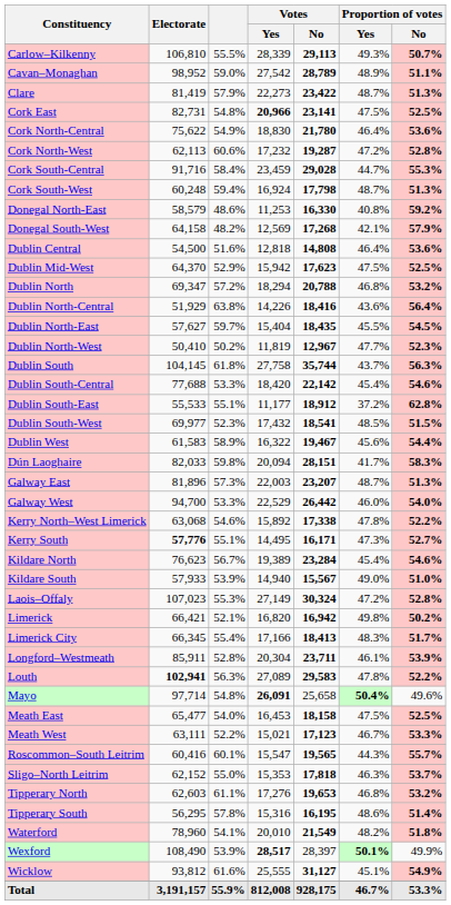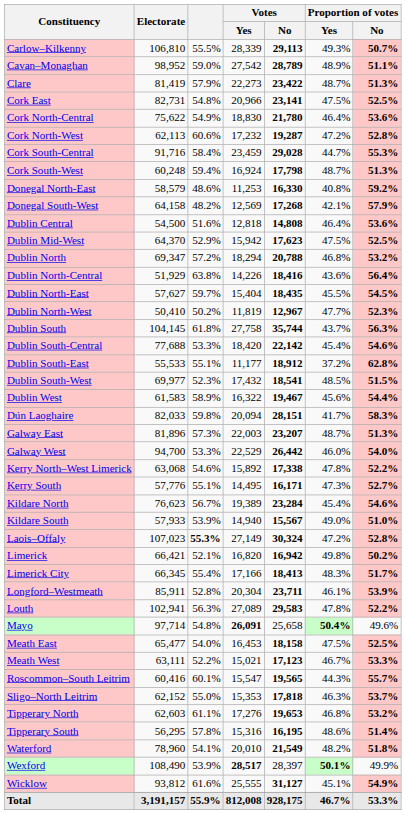 <table class="wikitable sortable">
 <tr>
 <th rowspan=2>Constituency</th>
 <th rowspan=2>Electorate</th>
 <th rowspan=2></th>
 <th colspan=2>Votes</th>
 <th colspan=2>Proportion of votes</th>
 </tr>
 <tr>
 <th>Yes</th>
 <th>No</th>
 <th>Yes</th>
 <th>No</th>
 </tr>
 <tr>
 <td style="background:#ffc8c8;"><a href='#'>Carlow–Kilkenny</a></td>
 <td style="text-align: right;">106,810</td>
 <td style="text-align: right;">55.5%</td>
 <td style="text-align: right;">28,339</td>
 <td style="text-align: right;"><strong>29,113</strong></td>
 <td style="text-align: right;">49.3%</td>
 <td style="text-align: right; background:#ffc8c8;"><strong>50.7%</strong></td>
 </tr>
 <tr>
 <td style="background:#ffc8c8;"><a href='#'>Cavan–Monaghan</a></td>
 <td style="text-align: right;">98,952</td>
 <td style="text-align: right;">59.0%</td>
 <td style="text-align: right;">27,542</td>
 <td style="text-align: right;"><strong>28,789</strong></td>
 <td style="text-align: right;">48.9%</td>
 <td style="text-align: right; background:#ffc8c8;"><strong>51.1%</strong></td>
 </tr>
 <tr>
 <td style="background:#ffc8c8;"><a href='#'>Clare</a></td>
 <td style="text-align: right;">81,419</td>
 <td style="text-align: right;">57.9%</td>
 <td style="text-align: right;">22,273</td>
 <td style="text-align: right;"><strong>23,422</strong></td>
 <td style="text-align: right;">48.7%</td>
 <td style="text-align: right; background:#ffc8c8;"><strong>51.3%</strong></td>
 </tr>
 <tr>
 <td style="background:#ffc8c8;"><a href='#'>Cork East</a></td>
 <td style="text-align: right;">82,731</td>
 <td style="text-align: right;">54.8%</td>
-<td style="text-align: right;"><strong>20,966</strong></td>
+<td style="text-align: right;">20,966</td>
 <td style="text-align: right;"><strong>23,141</strong></td>
 <td style="text-align: right;">47.5%</td>
 <td style="text-align: right; background:#ffc8c8;"><strong>52.5%</strong></td>
 </tr>
 <tr>
 <td style="background:#ffc8c8;"><a href='#'>Cork North-Central</a></td>
 <td style="text-align: right;">75,622</td>
 <td style="text-align: right;">54.9%</td>
 <td style="text-align: right;">18,830</td>
 <td style="text-align: right;"><strong>21,780</strong></td>
 <td style="text-align: right;">46.4%</td>
 <td style="text-align: right; background:#ffc8c8;"><strong>53.6%</strong></td>
 </tr>
 <tr>
 <td style="background:#ffc8c8;"><a href='#'>Cork North-West</a></td>
 <td style="text-align: right;">62,113</td>
 <td style="text-align: right;">60.6%</td>
 <td style="text-align: right;">17,232</td>
 <td style="text-align: right;"><strong>19,287</strong></td>
 <td style="text-align: right;">47.2%</td>
 <td style="text-align: right; background:#ffc8c8;"><strong>52.8%</strong></td>
 </tr>
 <tr>
 <td style="background:#ffc8c8;"><a href='#'>Cork South-Central</a></td>
 <td style="text-align: right;">91,716</td>
 <td style="text-align: right;">58.4%</td>
 <td style="text-align: right;">23,459</td>
 <td style="text-align: right;"><strong>29,028</strong></td>
 <td style="text-align: right;">44.7%</td>
 <td style="text-align: right; background:#ffc8c8;"><strong>55.3%</strong></td>
 </tr>
 <tr>
 <td style="background:#ffc8c8;"><a href='#'>Cork South-West</a></td>
 <td style="text-align: right;">60,248</td>
 <td style="text-align: right;">59.4%</td>
 <td style="text-align: right;">16,924</td>
 <td style="text-align: right;"><strong>17,798</strong></td>
 <td style="text-align: right;">48.7%</td>
 <td style="text-align: right; background:#ffc8c8;"><strong>51.3%</strong></td>
 </tr>
 <tr>
 <td style="background:#ffc8c8;"><a href='#'>Donegal North-East</a></td>
 <td style="text-align: right;">58,579</td>
 <td style="text-align: right;">48.6%</td>
 <td style="text-align: right;">11,253</td>
 <td style="text-align: right;"><strong>16,330</strong></td>
 <td style="text-align: right;">40.8%</td>
 <td style="text-align: right; background:#ffc8c8;"><strong>59.2%</strong></td>
 </tr>
 <tr>
 <td style="background:#ffc8c8;"><a href='#'>Donegal South-West</a></td>
 <td style="text-align: right;">64,158</td>
 <td style="text-align: right;">48.2%</td>
 <td style="text-align: right;">12,569</td>
 <td style="text-align: right;"><strong>17,268</strong></td>
 <td style="text-align: right;">42.1%</td>
 <td style="text-align: right; background:#ffc8c8;"><strong>57.9%</strong></td>
 </tr>
 <tr>
 <td style="background:#ffc8c8;"><a href='#'>Dublin Central</a></td>
 <td style="text-align: right;">54,500</td>
 <td style="text-align: right;">51.6%</td>
 <td style="text-align: right;">12,818</td>
 <td style="text-align: right;"><strong>14,808</strong></td>
 <td style="text-align: right;">46.4%</td>
 <td style="text-align: right; background:#ffc8c8;"><strong>53.6%</strong></td>
 </tr>
 <tr>
 <td style="background:#ffc8c8;"><a href='#'>Dublin Mid-West</a></td>
 <td style="text-align: right;">64,370</td>
 <td style="text-align: right;">52.9%</td>
 <td style="text-align: right;">15,942</td>
 <td style="text-align: right;"><strong>17,623</strong></td>
 <td style="text-align: right;">47.5%</td>
 <td style="text-align: right; background:#ffc8c8;"><strong>52.5%</strong></td>
 </tr>
 <tr>
 <td style="background:#ffc8c8;"><a href='#'>Dublin North</a></td>
 <td style="text-align: right;">69,347</td>
 <td style="text-align: right;">57.2%</td>
 <td style="text-align: right;">18,294</td>
 <td style="text-align: right;"><strong>20,788</strong></td>
 <td style="text-align: right;">46.8%</td>
 <td style="text-align: right; background:#ffc8c8;"><strong>53.2%</strong></td>
 </tr>
 <tr>
 <td style="background:#ffc8c8;"><a href='#'>Dublin North-Central</a></td>
 <td style="text-align: right;">51,929</td>
 <td style="text-align: right;">63.8%</td>
 <td style="text-align: right;">14,226</td>
 <td style="text-align: right;"><strong>18,416</strong></td>
 <td style="text-align: right;">43.6%</td>
 <td style="text-align: right; background:#ffc8c8;"><strong>56.4%</strong></td>
 </tr>
 <tr>
 <td style="background:#ffc8c8;"><a href='#'>Dublin North-East</a></td>
 <td style="text-align: right;">57,627</td>
 <td style="text-align: right;">59.7%</td>
 <td style="text-align: right;">15,404</td>
 <td style="text-align: right;"><strong>18,435</strong></td>
 <td style="text-align: right;">45.5%</td>
 <td style="text-align: right; background:#ffc8c8;"><strong>54.5%</strong></td>
 </tr>
 <tr>
 <td style="background:#ffc8c8;"><a href='#'>Dublin North-West</a></td>
 <td style="text-align: right;">50,410</td>
 <td style="text-align: right;">50.2%</td>
 <td style="text-align: right;">11,819</td>
 <td style="text-align: right;"><strong>12,967</strong></td>
 <td style="text-align: right;">47.7%</td>
 <td style="text-align: right; background:#ffc8c8;"><strong>52.3%</strong></td>
 </tr>
 <tr>
 <td style="background:#ffc8c8;"><a href='#'>Dublin South</a></td>
 <td style="text-align: right;">104,145</td>
 <td style="text-align: right;">61.8%</td>
 <td style="text-align: right;">27,758</td>
 <td style="text-align: right;"><strong>35,744</strong></td>
 <td style="text-align: right;">43.7%</td>
 <td style="text-align: right; background:#ffc8c8;"><strong>56.3%</strong></td>
 </tr>
 <tr>
 <td style="background:#ffc8c8;"><a href='#'>Dublin South-Central</a></td>
 <td style="text-align: right;">77,688</td>
 <td style="text-align: right;">53.3%</td>
 <td style="text-align: right;">18,420</td>
 <td style="text-align: right;"><strong>22,142</strong></td>
 <td style="text-align: right;">45.4%</td>
 <td style="text-align: right; background:#ffc8c8;"><strong>54.6%</strong></td>
 </tr>
 <tr>
 <td style="background:#ffc8c8;"><a href='#'>Dublin South-East</a></td>
 <td style="text-align: right;">55,533</td>
 <td style="text-align: right;">55.1%</td>
 <td style="text-align: right;">11,177</td>
 <td style="text-align: right;"><strong>18,912</strong></td>
 <td style="text-align: right;">37.2%</td>
 <td style="text-align: right; background:#ffc8c8;"><strong>62.8%</strong></td>
 </tr>
 <tr>
 <td style="background:#ffc8c8;"><a href='#'>Dublin South-West</a></td>
 <td style="text-align: right;">69,977</td>
 <td style="text-align: right;">52.3%</td>
 <td style="text-align: right;">17,432</td>
 <td style="text-align: right;"><strong>18,541</strong></td>
 <td style="text-align: right;">48.5%</td>
 <td style="text-align: right; background:#ffc8c8;"><strong>51.5%</strong></td>
 </tr>
 <tr>
 <td style="background:#ffc8c8;"><a href='#'>Dublin West</a></td>
 <td style="text-align: right;">61,583</td>
 <td style="text-align: right;">58.9%</td>
 <td style="text-align: right;">16,322</td>
 <td style="text-align: right;"><strong>19,467</strong></td>
 <td style="text-align: right;">45.6%</td>
 <td style="text-align: right; background:#ffc8c8;"><strong>54.4%</strong></td>
 </tr>
 <tr>
 <td style="background:#ffc8c8;"><a href='#'>Dún Laoghaire</a></td>
 <td style="text-align: right;">82,033</td>
 <td style="text-align: right;">59.8%</td>
 <td style="text-align: right;">20,094</td>
 <td style="text-align: right;"><strong>28,151</strong></td>
 <td style="text-align: right;">41.7%</td>
 <td style="text-align: right; background:#ffc8c8;"><strong>58.3%</strong></td>
 </tr>
 <tr>
 <td style="background:#ffc8c8;"><a href='#'>Galway East</a></td>
 <td style="text-align: right;">81,896</td>
 <td style="text-align: right;">57.3%</td>
 <td style="text-align: right;">22,003</td>
 <td style="text-align: right;"><strong>23,207</strong></td>
 <td style="text-align: right;">48.7%</td>
 <td style="text-align: right; background:#ffc8c8;"><strong>51.3%</strong></td>
 </tr>
 <tr>
 <td style="background:#ffc8c8;"><a href='#'>Galway West</a></td>
 <td style="text-align: right;">94,700</td>
 <td style="text-align: right;">53.3%</td>
 <td style="text-align: right;">22,529</td>
 <td style="text-align: right;"><strong>26,442</strong></td>
 <td style="text-align: right;">46.0%</td>
 <td style="text-align: right; background:#ffc8c8;"><strong>54.0%</strong></td>
 </tr>
 <tr>
 <td style="background:#ffc8c8;"><a href='#'>Kerry North–West Limerick</a></td>
 <td style="text-align: right;">63,068</td>
 <td style="text-align: right;">54.6%</td>
 <td style="text-align: right;">15,892</td>
 <td style="text-align: right;"><strong>17,338</strong></td>
 <td style="text-align: right;">47.8%</td>
 <td style="text-align: right; background:#ffc8c8;"><strong>52.2%</strong></td>
 </tr>
 <tr>
 <td style="background:#ffc8c8;"><a href='#'>Kerry South</a></td>
-<td style="text-align: right;"><strong>57,776</strong></td>
+<td style="text-align: right;">57,776</td>
 <td style="text-align: right;">55.1%</td>
 <td style="text-align: right;">14,495</td>
 <td style="text-align: right;"><strong>16,171</strong></td>
 <td style="text-align: right;">47.3%</td>
 <td style="text-align: right; background:#ffc8c8;"><strong>52.7%</strong></td>
 </tr>
 <tr>
 <td style="background:#ffc8c8;"><a href='#'>Kildare North</a></td>
 <td style="text-align: right;">76,623</td>
 <td style="text-align: right;">56.7%</td>
 <td style="text-align: right;">19,389</td>
 <td style="text-align: right;"><strong>23,284</strong></td>
 <td style="text-align: right;">45.4%</td>
 <td style="text-align: right; background:#ffc8c8;"><strong>54.6%</strong></td>
 </tr>
 <tr>
 <td style="background:#ffc8c8;"><a href='#'>Kildare South</a></td>
 <td style="text-align: right;">57,933</td>
 <td style="text-align: right;">53.9%</td>
 <td style="text-align: right;">14,940</td>
 <td style="text-align: right;"><strong>15,567</strong></td>
 <td style="text-align: right;">49.0%</td>
 <td style="text-align: right; background:#ffc8c8;"><strong>51.0%</strong></td>
 </tr>
 <tr>
 <td style="background:#ffc8c8;"><a href='#'>Laois–Offaly</a></td>
 <td style="text-align: right;">107,023</td>
-<td style="text-align: right;">55.3%</td>
+<td style="text-align: right;"><strong>55.3%</strong></td>
 <td style="text-align: right;">27,149</td>
 <td style="text-align: right;"><strong>30,324</strong></td>
 <td style="text-align: right;">47.2%</td>
 <td style="text-align: right; background:#ffc8c8;"><strong>52.8%</strong></td>
 </tr>
 <tr>
 <td style="background:#ffc8c8;"><a href='#'>Limerick</a></td>
 <td style="text-align: right;">66,421</td>
 <td style="text-align: right;">52.1%</td>
 <td style="text-align: right;">16,820</td>
 <td style="text-align: right;"><strong>16,942</strong></td>
 <td style="text-align: right;">49.8%</td>
 <td style="text-align: right; background:#ffc8c8;"><strong>50.2%</strong></td>
 </tr>
 <tr>
 <td style="background:#ffc8c8;"><a href='#'>Limerick City</a></td>
 <td style="text-align: right;">66,345</td>
 <td style="text-align: right;">55.4%</td>
 <td style="text-align: right;">17,166</td>
 <td style="text-align: right;"><strong>18,413</strong></td>
 <td style="text-align: right;">48.3%</td>
 <td style="text-align: right; background:#ffc8c8;"><strong>51.7%</strong></td>
 </tr>
 <tr>
 <td style="background:#ffc8c8;"><a href='#'>Longford–Westmeath</a></td>
 <td style="text-align: right;">85,911</td>
 <td style="text-align: right;">52.8%</td>
 <td style="text-align: right;">20,304</td>
 <td style="text-align: right;"><strong>23,711</strong></td>
 <td style="text-align: right;">46.1%</td>
 <td style="text-align: right; background:#ffc8c8;"><strong>53.9%</strong></td>
 </tr>
 <tr>
 <td style="background:#ffc8c8;"><a href='#'>Louth</a></td>
-<td style="text-align: right;"><strong>102,941</strong></td>
+<td style="text-align: right;">102,941</td>
 <td style="text-align: right;">56.3%</td>
 <td style="text-align: right;">27,089</td>
 <td style="text-align: right;"><strong>29,583</strong></td>
 <td style="text-align: right;">47.8%</td>
 <td style="text-align: right; background:#ffc8c8;"><strong>52.2%</strong></td>
 </tr>
 <tr>
 <td style="background:#c8ffc8;"><a href='#'>Mayo</a></td>
 <td style="text-align: right;">97,714</td>
 <td style="text-align: right;">54.8%</td>
 <td style="text-align: right;"><strong>26,091</strong></td>
 <td style="text-align: right;">25,658</td>
 <td style="text-align: right; background:#c8ffc8;"><strong>50.4%</strong></td>
 <td style="text-align: right;">49.6%</td>
 </tr>
 <tr>
 <td style="background:#ffc8c8;"><a href='#'>Meath East</a></td>
 <td style="text-align: right;">65,477</td>
 <td style="text-align: right;">54.0%</td>
 <td style="text-align: right;">16,453</td>
 <td style="text-align: right;"><strong>18,158</strong></td>
 <td style="text-align: right;">47.5%</td>
 <td style="text-align: right; background:#ffc8c8;"><strong>52.5%</strong></td>
 </tr>
 <tr>
 <td style="background:#ffc8c8;"><a href='#'>Meath West</a></td>
 <td style="text-align: right;">63,111</td>
 <td style="text-align: right;">52.2%</td>
 <td style="text-align: right;">15,021</td>
 <td style="text-align: right;"><strong>17,123</strong></td>
 <td style="text-align: right;">46.7%</td>
 <td style="text-align: right; background:#ffc8c8;"><strong>53.3%</strong></td>
 </tr>
 <tr>
 <td style="background:#ffc8c8;"><a href='#'>Roscommon–South Leitrim</a></td>
 <td style="text-align: right;">60,416</td>
 <td style="text-align: right;">60.1%</td>
 <td style="text-align: right;">15,547</td>
 <td style="text-align: right;"><strong>19,565</strong></td>
 <td style="text-align: right;">44.3%</td>
 <td style="text-align: right; background:#ffc8c8;"><strong>55.7%</strong></td>
 </tr>
 <tr>
 <td style="background:#ffc8c8;"><a href='#'>Sligo–North Leitrim</a></td>
 <td style="text-align: right;">62,152</td>
 <td style="text-align: right;">55.0%</td>
 <td style="text-align: right;">15,353</td>
 <td style="text-align: right;"><strong>17,818</strong></td>
 <td style="text-align: right;">46.3%</td>
 <td style="text-align: right; background:#ffc8c8;"><strong>53.7%</strong></td>
 </tr>
 <tr>
 <td style="background:#ffc8c8;"><a href='#'>Tipperary North</a></td>
 <td style="text-align: right;">62,603</td>
 <td style="text-align: right;">61.1%</td>
 <td style="text-align: right;">17,276</td>
 <td style="text-align: right;"><strong>19,653</strong></td>
 <td style="text-align: right;">46.8%</td>
 <td style="text-align: right; background:#ffc8c8;"><strong>53.2%</strong></td>
 </tr>
 <tr>
 <td style="background:#ffc8c8;"><a href='#'>Tipperary South</a></td>
 <td style="text-align: right;">56,295</td>
 <td style="text-align: right;">57.8%</td>
 <td style="text-align: right;">15,316</td>
 <td style="text-align: right;"><strong>16,195</strong></td>
 <td style="text-align: right;">48.6%</td>
 <td style="text-align: right; background:#ffc8c8;"><strong>51.4%</strong></td>
 </tr>
 <tr>
 <td style="background:#ffc8c8;"><a href='#'>Waterford</a></td>
 <td style="text-align: right;">78,960</td>
 <td style="text-align: right;">54.1%</td>
 <td style="text-align: right;">20,010</td>
 <td style="text-align: right;"><strong>21,549</strong></td>
 <td style="text-align: right;">48.2%</td>
 <td style="text-align: right; background:#ffc8c8;"><strong>51.8%</strong></td>
 </tr>
 <tr>
 <td style="background:#c8ffc8;"><a href='#'>Wexford</a></td>
 <td style="text-align: right;">108,490</td>
 <td style="text-align: right;">53.9%</td>
 <td style="text-align: right;"><strong>28,517</strong></td>
 <td style="text-align: right;">28,397</td>
 <td style="text-align: right; background:#c8ffc8;"><strong>50.1%</strong></td>
 <td style="text-align: right;">49.9%</td>
 </tr>
 <tr>
 <td style="background:#ffc8c8;"><a href='#'>Wicklow</a></td>
 <td style="text-align: right;">93,812</td>
 <td style="text-align: right;">61.6%</td>
 <td style="text-align: right;">25,555</td>
 <td style="text-align: right;"><strong>31,127</strong></td>
 <td style="text-align: right;">45.1%</td>
 <td style="text-align: right; background:#ffc8c8;"><strong>54.9%</strong></td>
 </tr>
 <tr>
 </tr>
 <tr class="sortbottom" style="font-weight:bold; background:rgb(232,232,232);">
 <td>Total</td>
 <td style="text-align: right;">3,191,157</td>
 <td style="text-align: right;">55.9%</td>
 <td style="text-align: right;">812,008</td>
 <td style="text-align: right;">928,175</td>
 <td style="text-align: right;">46.7%</td>
 <td style="text-align: right;">53.3%</td>
 </tr>
 </table>
